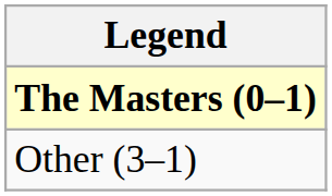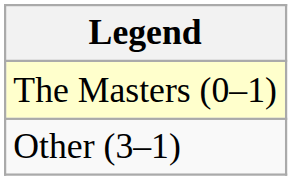 <table class="wikitable">
 <tr>
 <th>Legend</th>
 </tr>
 <tr bgcolor="ffffcc">
-<td><strong>The Masters (0–1)</strong></td>
+<td>The Masters (0–1)</td>
 </tr>
 <tr>
 <td>Other (3–1)</td>
 </tr>
 </table>
